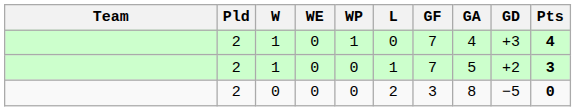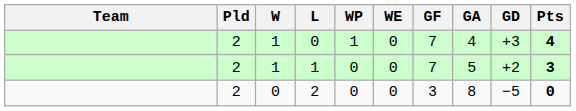 <table class="wikitable" style="text-align: center; font-size:90% ">
 <tr>
 <th width=160>Team</th>
 <th width=25>Pld</th>
 <th width=25>W</th>
+<th width=25>L</th>
+<th width=25>WP</th>
 <th width=25>WE</th>
-<th width=25>WP</th>
-<th width=25>L</th>
 <th width=25>GF</th>
 <th width=25>GA</th>
 <th width=25>GD</th>
 <th width=25>Pts</th>
 </tr>
 <tr bgcolor=ccffcc>
 <td align=left></td>
 <td>2</td>
 <td>1</td>
 <td>0</td>
 <td>1</td>
 <td>0</td>
 <td>7</td>
 <td>4</td>
 <td>+3</td>
 <td><strong>4</strong></td>
 </tr>
 <tr bgcolor=ccffcc>
 <td align=left></td>
 <td>2</td>
 <td>1</td>
+<td>1</td>
 <td>0</td>
 <td>0</td>
-<td>1</td>
 <td>7</td>
 <td>5</td>
 <td>+2</td>
 <td><strong>3</strong></td>
 </tr>
 <tr>
 <td align=left></td>
 <td>2</td>
 <td>0</td>
+<td>2</td>
 <td>0</td>
 <td>0</td>
-<td>2</td>
 <td>3</td>
 <td>8</td>
 <td>−5</td>
 <td><strong>0</strong></td>
 </tr>
 </table>
